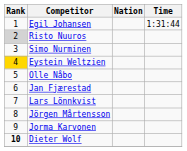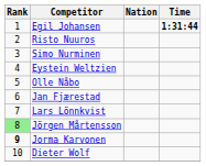 <table class="wikitable sortable" style="text-align:left">
 <tr>
 <th data-sort-type="number">Rank</th>
 <th class="unsortable">Competitor</th>
 <th>Nation</th>
 <th>Time</th>
 </tr>
 <tr>
 <td style="text-align:center">1</td>
 <td><a href='#'>Egil Johansen</a></td>
 <td></td>
-<td style="text-align:right">1:31:44</td>
+<td style="text-align:right"><strong>1:31:44</strong></td>
 </tr>
 <tr>
-<td style="background: lightgrey; text-align:center">2</td>
+<td style="text-align:center">2</td>
 <td><a href='#'>Risto Nuuros</a></td>
 <td></td>
 <td style="text-align:right"></td>
 </tr>
 <tr>
 <td style="text-align:center">3</td>
 <td><a href='#'>Simo Nurminen</a></td>
 <td></td>
 <td style="text-align:right"></td>
 </tr>
 <tr>
-<td style="background: gold; text-align:center">4</td>
+<td style="text-align:center">4</td>
 <td><a href='#'>Eystein Weltzien</a></td>
 <td></td>
 <td style="text-align:right"></td>
 </tr>
 <tr>
 <td style="text-align:center">5</td>
 <td><a href='#'>Olle Nåbo</a></td>
 <td></td>
 <td style="text-align:right"></td>
 </tr>
 <tr>
 <td style="text-align:center">6</td>
 <td><a href='#'>Jan Fjærestad</a></td>
 <td></td>
 <td style="text-align:right"></td>
 </tr>
 <tr>
 <td style="text-align:center">7</td>
 <td><a href='#'>Lars Lönnkvist</a></td>
 <td></td>
 <td style="text-align:right"></td>
 </tr>
 <tr>
-<td style="text-align:center">8</td>
+<td style="background: lightgreen; text-align:center">8</td>
 <td><a href='#'>Jörgen Mårtensson</a></td>
 <td></td>
 <td style="text-align:right"></td>
 </tr>
 <tr>
-<td style="text-align:center">9</td>
+<td style="text-align:center"><strong>9</strong></td>
 <td><a href='#'>Jorma Karvonen</a></td>
 <td></td>
 <td style="text-align:right"></td>
 </tr>
 <tr>
-<td style="text-align:center"><strong>10</strong></td>
+<td style="text-align:center">10</td>
 <td><a href='#'>Dieter Wolf</a></td>
 <td></td>
 <td style="text-align:right"></td>
 </tr>
 <tr>
 </tr>
 </table>
